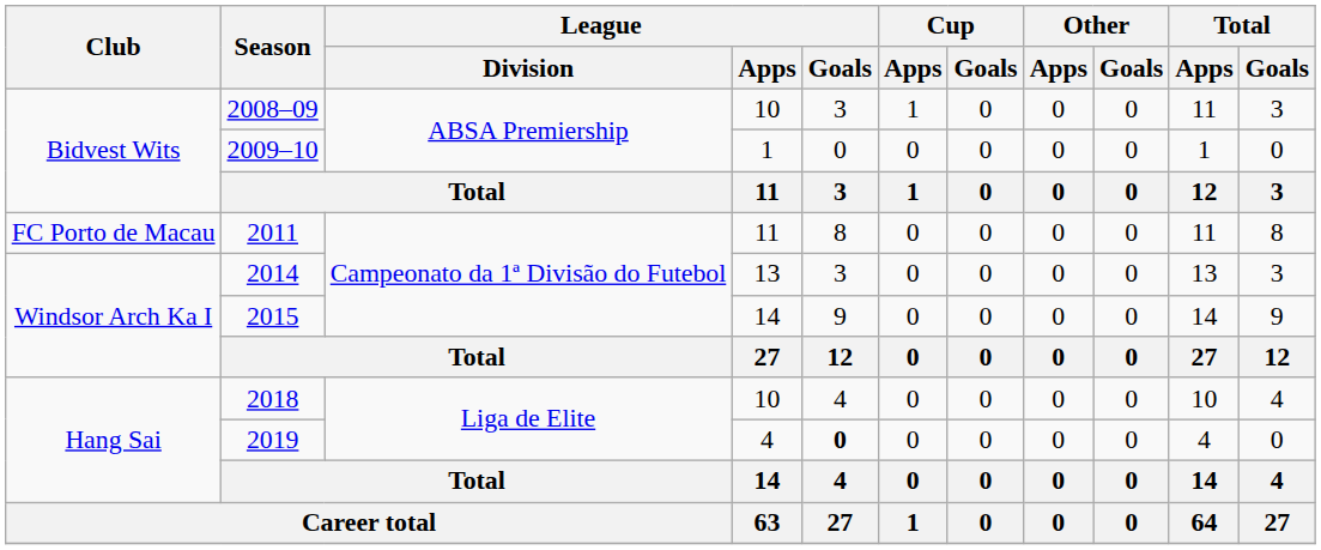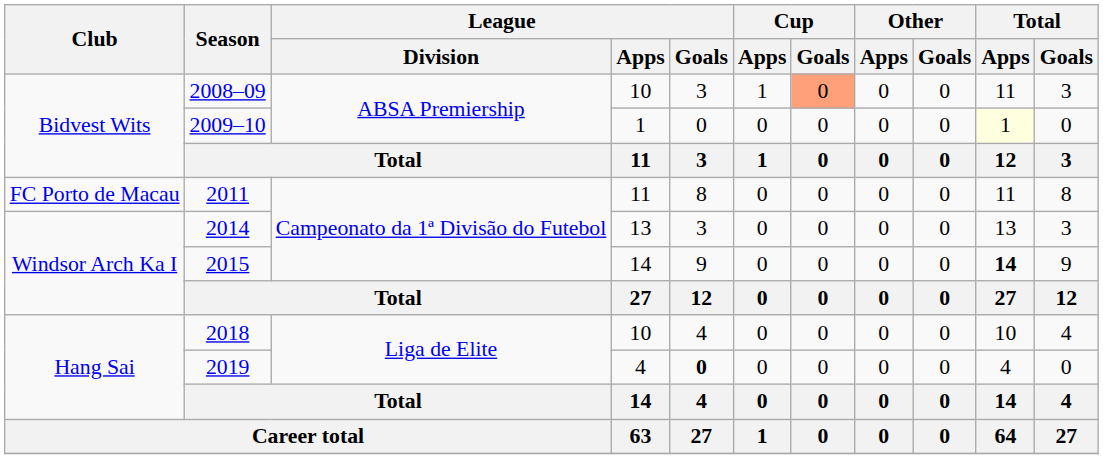 <table class="wikitable" style="text-align: center">
 <tr>
 <th rowspan="2">Club</th>
 <th rowspan="2">Season</th>
 <th colspan="3">League</th>
 <th colspan="2">Cup</th>
 <th colspan="2">Other</th>
 <th colspan="2">Total</th>
 </tr>
 <tr>
 <th>Division</th>
 <th>Apps</th>
 <th>Goals</th>
 <th>Apps</th>
 <th>Goals</th>
 <th>Apps</th>
 <th>Goals</th>
 <th>Apps</th>
 <th>Goals</th>
 </tr>
 <tr>
 <td rowspan="3"><a href='#'>Bidvest Wits</a></td>
 <td><a href='#'>2008–09</a></td>
 <td rowspan="2"><a href='#'>ABSA Premiership</a></td>
 <td>10</td>
 <td>3</td>
 <td>1</td>
-<td>0</td>
+<td style="background: lightsalmon;">0</td>
 <td>0</td>
 <td>0</td>
 <td>11</td>
 <td>3</td>
 </tr>
 <tr>
 <td><a href='#'>2009–10</a></td>
 <td>1</td>
 <td>0</td>
 <td>0</td>
 <td>0</td>
 <td>0</td>
 <td>0</td>
-<td>1</td>
+<td style="background: lightyellow;">1</td>
 <td>0</td>
 </tr>
 <tr>
 <th colspan="2"><strong>Total</strong></th>
 <th>11</th>
 <th>3</th>
 <th>1</th>
 <th>0</th>
 <th>0</th>
 <th>0</th>
 <th>12</th>
 <th>3</th>
 </tr>
 <tr>
 <td><a href='#'>FC Porto de Macau</a></td>
 <td><a href='#'>2011</a></td>
 <td rowspan="3"><a href='#'>Campeonato da 1ª Divisão do Futebol</a></td>
 <td>11</td>
 <td>8</td>
 <td>0</td>
 <td>0</td>
 <td>0</td>
 <td>0</td>
 <td>11</td>
 <td>8</td>
 </tr>
 <tr>
 <td rowspan="3"><a href='#'>Windsor Arch Ka I</a></td>
 <td><a href='#'>2014</a></td>
 <td>13</td>
 <td>3</td>
 <td>0</td>
 <td>0</td>
 <td>0</td>
 <td>0</td>
 <td>13</td>
 <td>3</td>
 </tr>
 <tr>
 <td><a href='#'>2015</a></td>
 <td>14</td>
 <td>9</td>
 <td>0</td>
 <td>0</td>
 <td>0</td>
 <td>0</td>
-<td>14</td>
+<td><strong>14</strong></td>
 <td>9</td>
 </tr>
 <tr>
 <th colspan="2"><strong>Total</strong></th>
 <th>27</th>
 <th>12</th>
 <th>0</th>
 <th>0</th>
 <th>0</th>
 <th>0</th>
 <th>27</th>
 <th>12</th>
 </tr>
 <tr>
 <td rowspan="3"><a href='#'>Hang Sai</a></td>
 <td><a href='#'>2018</a></td>
 <td rowspan="2"><a href='#'>Liga de Elite</a></td>
 <td>10</td>
 <td>4</td>
 <td>0</td>
 <td>0</td>
 <td>0</td>
 <td>0</td>
 <td>10</td>
 <td>4</td>
 </tr>
 <tr>
 <td><a href='#'>2019</a></td>
 <td>4</td>
 <td><strong>0</strong></td>
 <td>0</td>
 <td>0</td>
 <td>0</td>
 <td>0</td>
 <td>4</td>
 <td>0</td>
 </tr>
 <tr>
 <th colspan="2"><strong>Total</strong></th>
 <th>14</th>
 <th>4</th>
 <th>0</th>
 <th>0</th>
 <th>0</th>
 <th>0</th>
 <th>14</th>
 <th>4</th>
 </tr>
 <tr>
 <th colspan="3"><strong>Career total</strong></th>
 <th>63</th>
 <th>27</th>
 <th>1</th>
 <th>0</th>
 <th>0</th>
 <th>0</th>
 <th>64</th>
 <th>27</th>
 </tr>
 <tr>
 </tr>
 </table>
